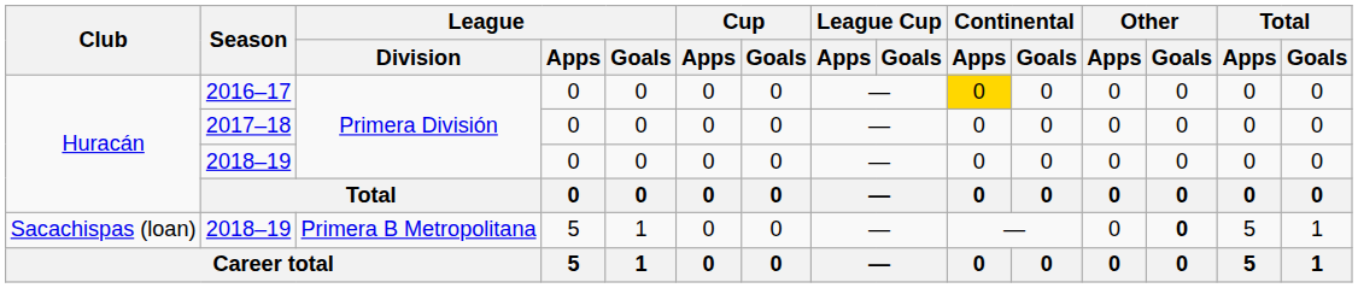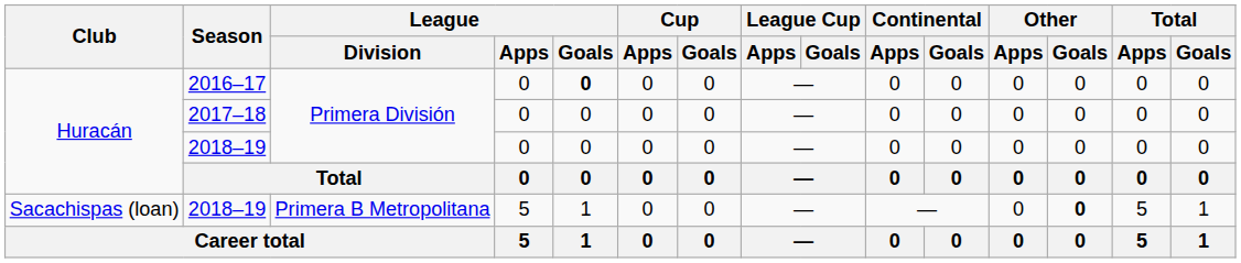 <table class="wikitable" style="text-align:center">
 <tr>
 <th rowspan="2">Club</th>
 <th rowspan="2">Season</th>
 <th colspan="3">League</th>
 <th colspan="2">Cup</th>
 <th colspan="2">League Cup</th>
 <th colspan="2">Continental</th>
 <th colspan="2">Other</th>
 <th colspan="2">Total</th>
 </tr>
 <tr>
 <th>Division</th>
 <th>Apps</th>
 <th>Goals</th>
 <th>Apps</th>
 <th>Goals</th>
 <th>Apps</th>
 <th>Goals</th>
 <th>Apps</th>
 <th>Goals</th>
 <th>Apps</th>
 <th>Goals</th>
 <th>Apps</th>
 <th>Goals</th>
 </tr>
 <tr>
 <td rowspan="4"><a href='#'>Huracán</a></td>
 <td><a href='#'>2016–17</a></td>
 <td rowspan="3"><a href='#'>Primera División</a></td>
 <td>0</td>
-<td>0</td>
+<td><strong>0</strong></td>
 <td>0</td>
 <td>0</td>
 <td colspan="2">—</td>
-<td style="background: gold;">0</td>
+<td>0</td>
 <td>0</td>
 <td>0</td>
 <td>0</td>
 <td>0</td>
 <td>0</td>
 </tr>
 <tr>
 <td><a href='#'>2017–18</a></td>
 <td>0</td>
 <td>0</td>
 <td>0</td>
 <td>0</td>
 <td colspan="2">—</td>
 <td>0</td>
 <td>0</td>
 <td>0</td>
 <td>0</td>
 <td>0</td>
 <td>0</td>
 </tr>
 <tr>
 <td><a href='#'>2018–19</a></td>
 <td>0</td>
 <td>0</td>
 <td>0</td>
 <td>0</td>
 <td colspan="2">—</td>
 <td>0</td>
 <td>0</td>
 <td>0</td>
 <td>0</td>
 <td>0</td>
 <td>0</td>
 </tr>
 <tr>
 <th colspan="2">Total</th>
 <th>0</th>
 <th>0</th>
 <th>0</th>
 <th>0</th>
 <th colspan="2">—</th>
 <th>0</th>
 <th>0</th>
 <th>0</th>
 <th>0</th>
 <th>0</th>
 <th>0</th>
 </tr>
 <tr>
 <td rowspan="1"><a href='#'>Sacachispas</a> (loan)</td>
 <td><a href='#'>2018–19</a></td>
 <td rowspan="1"><a href='#'>Primera B Metropolitana</a></td>
 <td>5</td>
 <td>1</td>
 <td>0</td>
 <td>0</td>
 <td colspan="2">—</td>
 <td colspan="2">—</td>
 <td>0</td>
 <td><strong>0</strong></td>
 <td>5</td>
 <td>1</td>
 </tr>
 <tr>
 <th colspan="3">Career total</th>
 <th>5</th>
 <th>1</th>
 <th>0</th>
 <th>0</th>
 <th colspan="2">—</th>
 <th>0</th>
 <th>0</th>
 <th>0</th>
 <th>0</th>
 <th>5</th>
 <th>1</th>
 </tr>
 </table>
